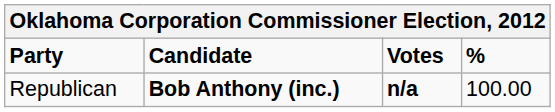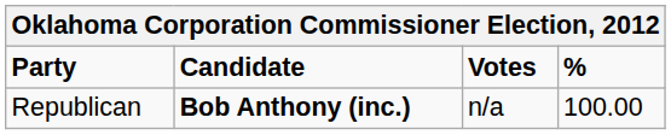 <table class="wikitable">
 <tr>
 <th colspan="4">Oklahoma Corporation Commissioner Election, 2012</th>
 </tr>
 <tr>
 <td><strong>Party</strong></td>
 <td><strong>Candidate</strong></td>
 <td><strong>Votes</strong></td>
 <td><strong>%</strong></td>
 </tr>
 <tr>
 <td>Republican</td>
 <td><strong>Bob Anthony (inc.)</strong></td>
-<td><strong>n/a</strong></td>
+<td>n/a</td>
 <td>100.00</td>
 </tr>
 </table>
